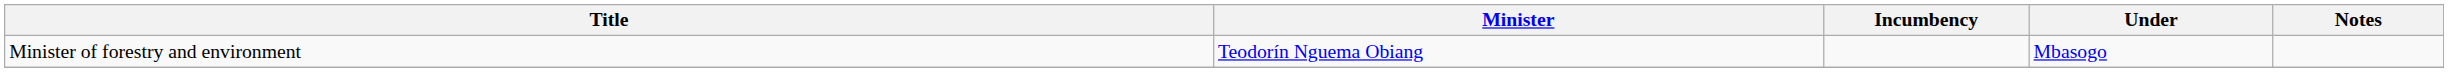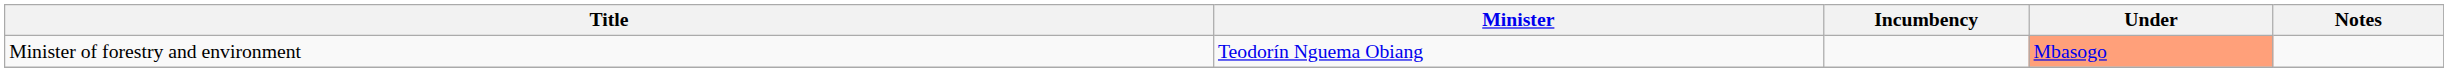 <table class="wikitable" style="width:100%;">
 <tr>
 <th>Title</th>
 <th style="width:25%;"><a href='#'>Minister</a></th>
 <th style="width:160px;">Incumbency</th>
 <th style="width:10%;">Under</th>
 <th style="width:7%;">Notes</th>
 </tr>
 <tr>
 <td>Minister of forestry and environment</td>
 <td><a href='#'>Teodorín Nguema Obiang</a></td>
 <td></td>
-<td><a href='#'>Mbasogo</a></td>
+<td style="background: lightsalmon;"><a href='#'>Mbasogo</a></td>
 <td></td>
 </tr>
 <tr>
 </tr>
 </table>
